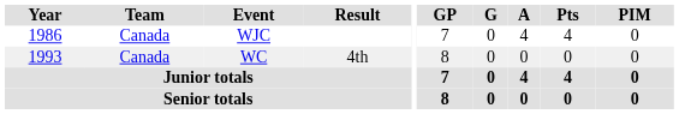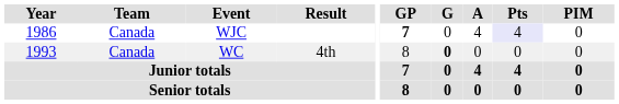 <table border="0" cellpadding="1" cellspacing="0" ID="Table3" style="text-align:center; width:40em">
 <tr style="text-align:center; background:#e0e0e0">
 <th>Year</th>
 <th>Team</th>
 <th>Event</th>
 <th>Result</th>
 <th rowspan="99" style="background:#ffffff"></th>
 <th>GP</th>
 <th>G</th>
 <th>A</th>
 <th>Pts</th>
 <th>PIM</th>
 </tr>
 <tr>
 <td><a href='#'>1986</a></td>
 <td><a href='#'>Canada</a></td>
 <td><a href='#'>WJC</a></td>
 <td></td>
-<td>7</td>
+<td><strong>7</strong></td>
 <td>0</td>
 <td>4</td>
-<td>4</td>
+<td style="background: lavender;">4</td>
 <td>0</td>
 </tr>
 <tr style="background:#f0f0f0">
 <td><a href='#'>1993</a></td>
 <td><a href='#'>Canada</a></td>
 <td><a href='#'>WC</a></td>
 <td>4th</td>
 <td>8</td>
-<td>0</td>
+<td><strong>0</strong></td>
 <td>0</td>
 <td>0</td>
 <td>0</td>
 </tr>
 <tr style="background:#e0e0e0">
 <th colspan=4>Junior totals</th>
 <th>7</th>
 <th>0</th>
 <th>4</th>
 <th>4</th>
 <th>0</th>
 </tr>
 <tr style="background:#e0e0e0">
 <th colspan=4>Senior totals</th>
 <th>8</th>
 <th>0</th>
 <th>0</th>
 <th>0</th>
 <th>0</th>
 </tr>
 </table>
